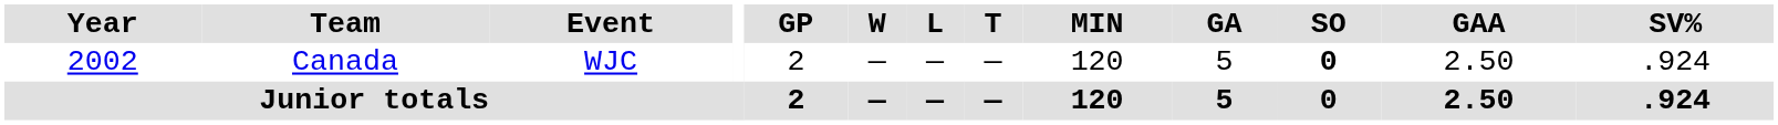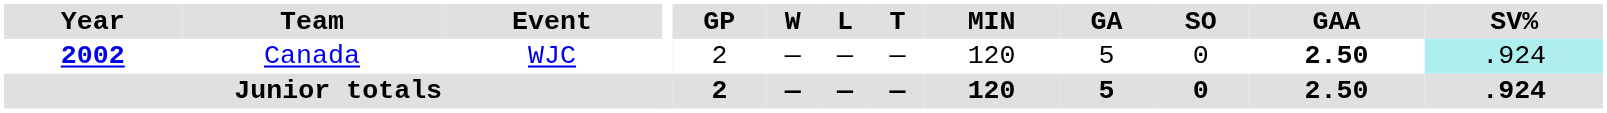 <table border="0" cellpadding="1" cellspacing="0" ID="Table3" style="text-align:center; width:60em">
 <tr ALIGN="center" bgcolor="#e0e0e0">
 <th>Year</th>
 <th>Team</th>
 <th>Event</th>
 <th rowspan="99" bgcolor="#ffffff"></th>
 <th>GP</th>
 <th>W</th>
 <th>L</th>
 <th>T</th>
 <th>MIN</th>
 <th>GA</th>
 <th>SO</th>
 <th>GAA</th>
 <th>SV%</th>
 </tr>
 <tr>
-<td><a href='#'>2002</a></td>
+<td><strong><a href='#'>2002</a></strong></td>
 <td><a href='#'>Canada</a></td>
 <td><a href='#'>WJC</a></td>
 <td>2</td>
 <td>—</td>
 <td>—</td>
 <td>—</td>
 <td>120</td>
 <td>5</td>
-<td><strong>0</strong></td>
-<td>2.50</td>
-<td>.924</td>
+<td>0</td>
+<td><strong>2.50</strong></td>
+<td style="background: paleturquoise;">.924</td>
 </tr>
 <tr bgcolor="#e0e0e0">
 <th colspan=4>Junior totals</th>
 <th>2</th>
 <th>—</th>
 <th>—</th>
 <th>—</th>
 <th>120</th>
 <th>5</th>
 <th>0</th>
 <th>2.50</th>
 <th>.924</th>
 </tr>
 </table>
